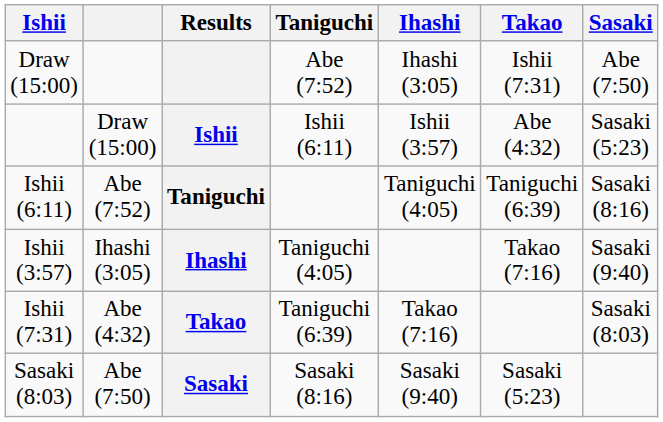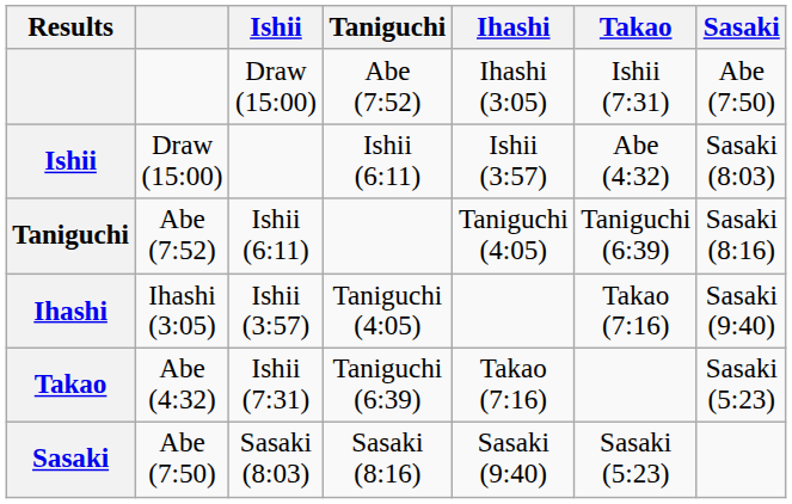 <table class="wikitable" style="text-align:center; margin: 1em auto 1em auto">
 <tr align="center">
+<th>Results</th>
+<th></th>
 <th><a href='#'>Ishii</a></th>
-<th></th>
-<th>Results</th>
 <th>Taniguchi</th>
 <th><a href='#'>Ihashi</a></th>
 <th><a href='#'>Takao</a></th>
 <th><a href='#'>Sasaki</a></th>
 </tr>
 <tr align="center">
+<th></th>
+<td></td>
 <td>Draw<br>(15:00)</td>
-<td></td>
-<th></th>
 <td>Abe<br>(7:52)</td>
 <td>Ihashi<br>(3:05)</td>
 <td>Ishii<br>(7:31)</td>
 <td>Abe<br>(7:50)</td>
 </tr>
 <tr align="center">
+<th><a href='#'>Ishii</a></th>
+<td>Draw<br>(15:00)</td>
 <td></td>
-<td>Draw<br>(15:00)</td>
-<th><a href='#'>Ishii</a></th>
 <td>Ishii<br>(6:11)</td>
 <td>Ishii<br>(3:57)</td>
 <td>Abe<br>(4:32)</td>
-<td>Sasaki<br>(5:23)</td>
+<td>Sasaki<br>(8:03)</td>
 </tr>
 <tr align="center">
+<th>Taniguchi</th>
+<td>Abe<br>(7:52)</td>
 <td>Ishii<br>(6:11)</td>
-<td>Abe<br>(7:52)</td>
-<th>Taniguchi</th>
 <td></td>
 <td>Taniguchi<br>(4:05)</td>
 <td>Taniguchi<br>(6:39)</td>
 <td>Sasaki<br>(8:16)</td>
 </tr>
 <tr align="center">
+<th><a href='#'>Ihashi</a></th>
+<td>Ihashi<br>(3:05)</td>
 <td>Ishii<br>(3:57)</td>
-<td>Ihashi<br>(3:05)</td>
-<th><a href='#'>Ihashi</a></th>
 <td>Taniguchi<br>(4:05)</td>
 <td></td>
 <td>Takao<br>(7:16)</td>
 <td>Sasaki<br>(9:40)</td>
 </tr>
 <tr align="center">
+<th><a href='#'>Takao</a></th>
+<td>Abe<br>(4:32)</td>
 <td>Ishii<br>(7:31)</td>
-<td>Abe<br>(4:32)</td>
-<th><a href='#'>Takao</a></th>
 <td>Taniguchi<br>(6:39)</td>
 <td>Takao<br>(7:16)</td>
 <td></td>
-<td>Sasaki<br>(8:03)</td>
+<td>Sasaki<br>(5:23)</td>
 </tr>
 <tr align="center">
+<th><a href='#'>Sasaki</a></th>
+<td>Abe<br>(7:50)</td>
 <td>Sasaki<br>(8:03)</td>
-<td>Abe<br>(7:50)</td>
-<th><a href='#'>Sasaki</a></th>
 <td>Sasaki<br>(8:16)</td>
 <td>Sasaki<br>(9:40)</td>
 <td>Sasaki<br>(5:23)</td>
 <td></td>
 </tr>
 </table>
